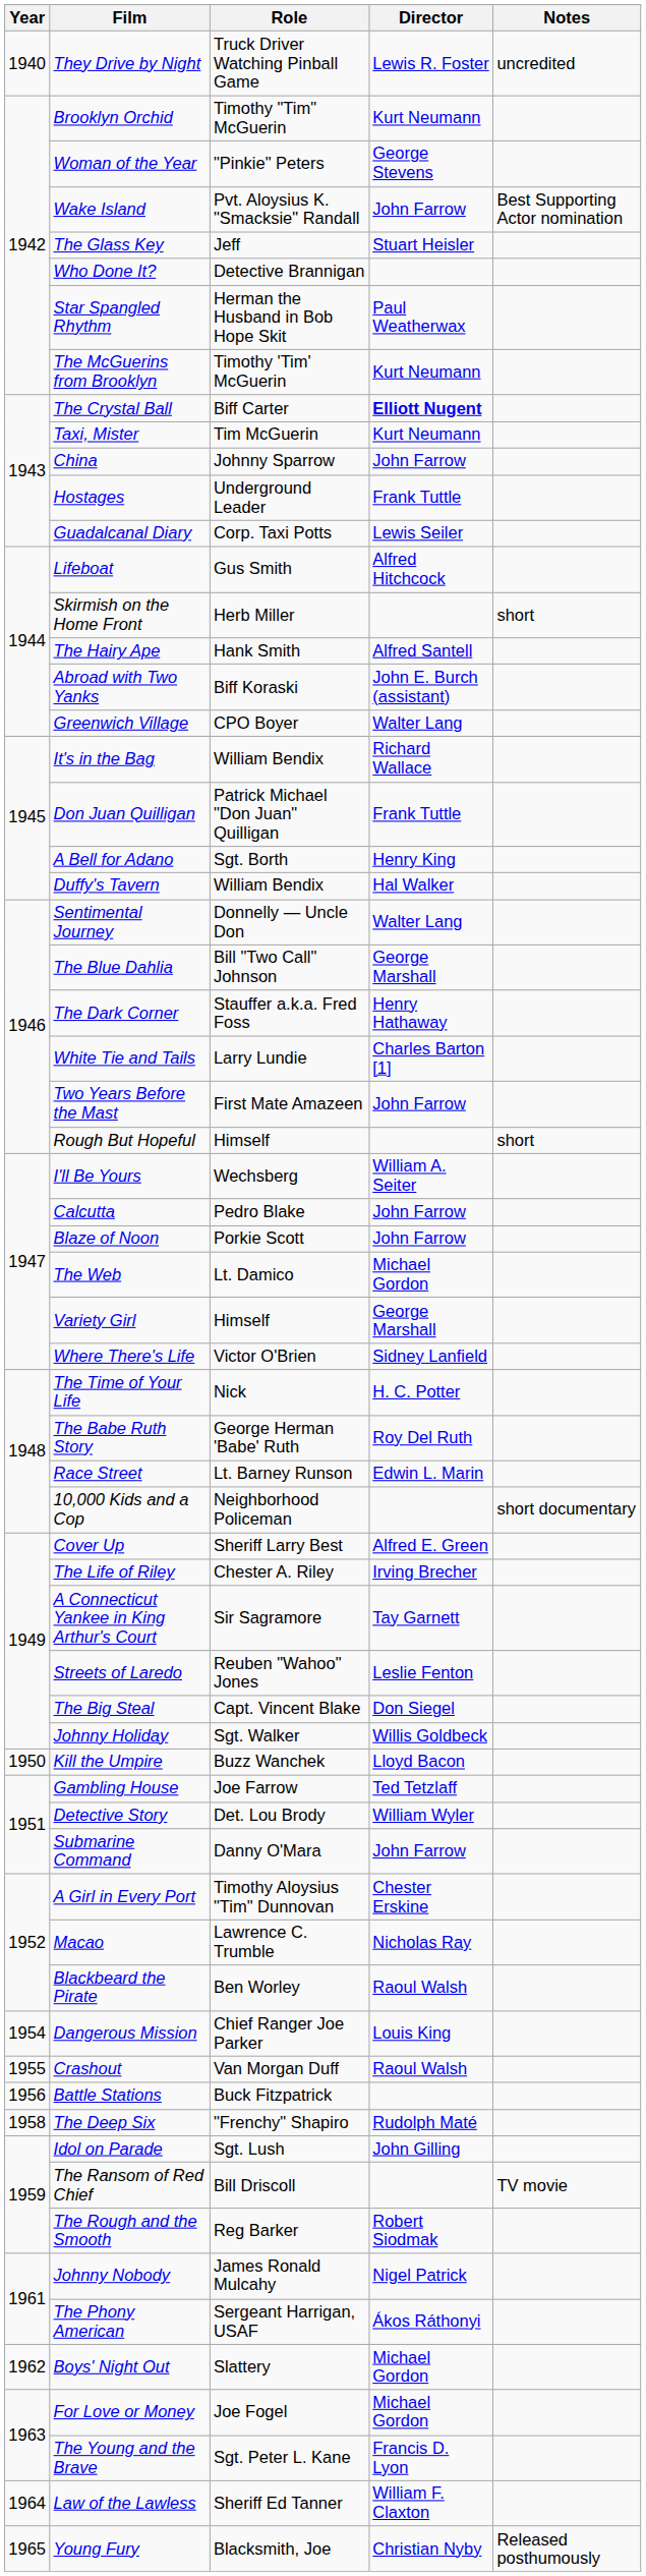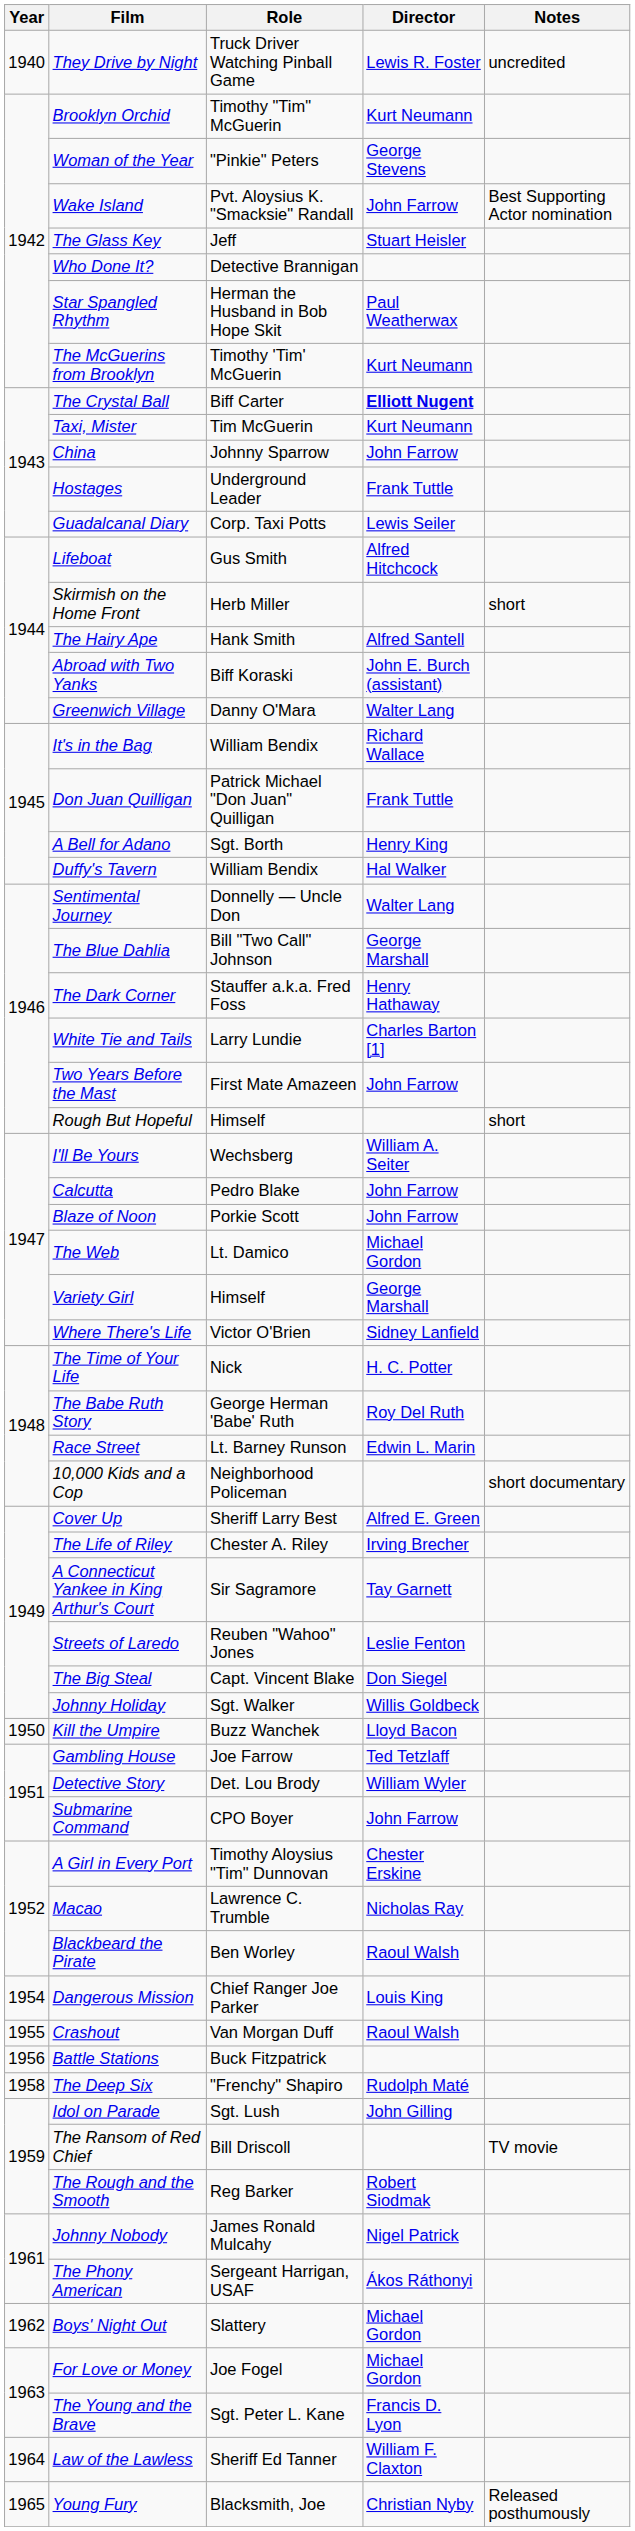 <table class="wikitable sortable">
 <tr>
 <th>Year</th>
 <th>Film</th>
 <th>Role</th>
 <th>Director</th>
 <th class="unsortable">Notes</th>
 </tr>
 <tr>
 <td>1940</td>
 <td><em><a href='#'>They Drive by Night</a></em></td>
 <td>Truck Driver Watching Pinball Game</td>
 <td><a href='#'>Lewis R. Foster</a></td>
 <td>uncredited</td>
 </tr>
 <tr>
 <td rowspan=7>1942</td>
 <td><em><a href='#'>Brooklyn Orchid</a></em></td>
 <td>Timothy "Tim" McGuerin</td>
 <td><a href='#'>Kurt Neumann</a></td>
 <td></td>
 </tr>
 <tr>
 <td><em><a href='#'>Woman of the Year</a></em></td>
 <td>"Pinkie" Peters</td>
 <td><a href='#'>George Stevens</a></td>
 <td></td>
 </tr>
 <tr>
 <td><em><a href='#'>Wake Island</a></em></td>
 <td>Pvt. Aloysius K. "Smacksie" Randall</td>
 <td><a href='#'>John Farrow</a></td>
 <td>Best Supporting Actor nomination</td>
 </tr>
 <tr>
 <td><em><a href='#'>The Glass Key</a></em></td>
 <td>Jeff</td>
 <td><a href='#'>Stuart Heisler</a></td>
 <td></td>
 </tr>
 <tr>
 <td><em><a href='#'>Who Done It?</a></em></td>
 <td>Detective Brannigan</td>
 <td></td>
 <td></td>
 </tr>
 <tr>
 <td><em><a href='#'>Star Spangled Rhythm</a></em></td>
 <td>Herman the Husband in Bob Hope Skit</td>
 <td><a href='#'>Paul Weatherwax</a></td>
 <td></td>
 </tr>
 <tr>
 <td><em><a href='#'>The McGuerins from Brooklyn</a></em></td>
 <td>Timothy 'Tim' McGuerin</td>
 <td><a href='#'>Kurt Neumann</a></td>
 <td></td>
 </tr>
 <tr>
 <td rowspan=5>1943</td>
 <td><em><a href='#'>The Crystal Ball</a></em></td>
 <td>Biff Carter</td>
 <td><strong><a href='#'>Elliott Nugent</a></strong></td>
 <td></td>
 </tr>
 <tr>
 <td><em><a href='#'>Taxi, Mister</a></em></td>
 <td>Tim McGuerin</td>
 <td><a href='#'>Kurt Neumann</a></td>
 <td></td>
 </tr>
 <tr>
 <td><em><a href='#'>China</a></em></td>
 <td>Johnny Sparrow</td>
 <td><a href='#'>John Farrow</a></td>
 <td></td>
 </tr>
 <tr>
 <td><em><a href='#'>Hostages</a></em></td>
 <td>Underground Leader</td>
 <td><a href='#'>Frank Tuttle</a></td>
 <td></td>
 </tr>
 <tr>
 <td><em><a href='#'>Guadalcanal Diary</a></em></td>
 <td>Corp. Taxi Potts</td>
 <td><a href='#'>Lewis Seiler</a></td>
 <td></td>
 </tr>
 <tr>
 <td rowspan=5>1944</td>
 <td><em><a href='#'>Lifeboat</a></em></td>
 <td>Gus Smith</td>
 <td><a href='#'>Alfred Hitchcock</a></td>
 <td></td>
 </tr>
 <tr>
 <td><em>Skirmish on the Home Front</em></td>
 <td>Herb Miller</td>
 <td></td>
 <td>short</td>
 </tr>
 <tr>
 <td><em><a href='#'>The Hairy Ape</a></em></td>
 <td>Hank Smith</td>
 <td><a href='#'>Alfred Santell</a></td>
 <td></td>
 </tr>
 <tr>
 <td><em><a href='#'>Abroad with Two Yanks</a></em></td>
 <td>Biff Koraski</td>
 <td><a href='#'>John E. Burch (assistant)</a></td>
 <td></td>
 </tr>
 <tr>
 <td><em><a href='#'>Greenwich Village</a></em></td>
-<td>CPO Boyer</td>
+<td>Danny O'Mara</td>
 <td><a href='#'>Walter Lang</a></td>
 <td></td>
 </tr>
 <tr>
 <td rowspan=4>1945</td>
 <td><em><a href='#'>It's in the Bag</a></em></td>
 <td>William Bendix</td>
 <td><a href='#'>Richard Wallace</a></td>
 <td></td>
 </tr>
 <tr>
 <td><em><a href='#'>Don Juan Quilligan</a></em></td>
 <td>Patrick Michael "Don Juan" Quilligan</td>
 <td><a href='#'>Frank Tuttle</a></td>
 <td></td>
 </tr>
 <tr>
 <td><em><a href='#'>A Bell for Adano</a></em></td>
 <td>Sgt. Borth</td>
 <td><a href='#'>Henry King</a></td>
 <td></td>
 </tr>
 <tr>
 <td><em><a href='#'>Duffy's Tavern</a></em></td>
 <td>William Bendix</td>
 <td><a href='#'>Hal Walker</a></td>
 <td></td>
 </tr>
 <tr>
 <td rowspan=6>1946</td>
 <td><em><a href='#'>Sentimental Journey</a></em></td>
 <td>Donnelly — Uncle Don</td>
 <td><a href='#'>Walter Lang</a></td>
 <td></td>
 </tr>
 <tr>
 <td><em><a href='#'>The Blue Dahlia</a></em></td>
 <td>Bill "Two Call" Johnson</td>
 <td><a href='#'>George Marshall</a></td>
 <td></td>
 </tr>
 <tr>
 <td><em><a href='#'>The Dark Corner</a></em></td>
 <td>Stauffer a.k.a. Fred Foss</td>
 <td><a href='#'>Henry Hathaway</a></td>
 <td></td>
 </tr>
 <tr>
 <td><em><a href='#'>White Tie and Tails</a></em></td>
 <td>Larry Lundie</td>
 <td><a href='#'>Charles Barton</a> <a href='#'>&#91;1&#93;</a></td>
 <td></td>
 </tr>
 <tr>
 <td><em><a href='#'>Two Years Before the Mast</a></em></td>
 <td>First Mate Amazeen</td>
 <td><a href='#'>John Farrow</a></td>
 <td></td>
 </tr>
 <tr>
 <td><em>Rough But Hopeful</em></td>
 <td>Himself</td>
 <td></td>
 <td>short</td>
 </tr>
 <tr>
 <td rowspan=6>1947</td>
 <td><em><a href='#'>I'll Be Yours</a></em></td>
 <td>Wechsberg</td>
 <td><a href='#'>William A. Seiter</a></td>
 <td></td>
 </tr>
 <tr>
 <td><em><a href='#'>Calcutta</a></em></td>
 <td>Pedro Blake</td>
 <td><a href='#'>John Farrow</a></td>
 <td></td>
 </tr>
 <tr>
 <td><em><a href='#'>Blaze of Noon</a></em></td>
 <td>Porkie Scott</td>
 <td><a href='#'>John Farrow</a></td>
 <td></td>
 </tr>
 <tr>
 <td><em><a href='#'>The Web</a></em></td>
 <td>Lt. Damico</td>
 <td><a href='#'>Michael Gordon</a></td>
 <td></td>
 </tr>
 <tr>
 <td><em><a href='#'>Variety Girl</a></em></td>
 <td>Himself</td>
 <td><a href='#'>George Marshall</a></td>
 <td></td>
 </tr>
 <tr>
 <td><em><a href='#'>Where There's Life</a></em></td>
 <td>Victor O'Brien</td>
 <td><a href='#'>Sidney Lanfield</a></td>
 <td></td>
 </tr>
 <tr>
 <td rowspan=4>1948</td>
 <td><em><a href='#'>The Time of Your Life</a></em></td>
 <td>Nick</td>
 <td><a href='#'>H. C. Potter</a></td>
 <td></td>
 </tr>
 <tr>
 <td><em><a href='#'>The Babe Ruth Story</a></em></td>
 <td>George Herman 'Babe' Ruth</td>
 <td><a href='#'>Roy Del Ruth</a></td>
 <td></td>
 </tr>
 <tr>
 <td><em><a href='#'>Race Street</a></em></td>
 <td>Lt. Barney Runson</td>
 <td><a href='#'>Edwin L. Marin</a></td>
 <td></td>
 </tr>
 <tr>
 <td><em>10,000 Kids and a Cop</em></td>
 <td>Neighborhood Policeman</td>
 <td></td>
 <td>short documentary</td>
 </tr>
 <tr>
 <td rowspan=6>1949</td>
 <td><em><a href='#'>Cover Up</a></em></td>
 <td>Sheriff Larry Best</td>
 <td><a href='#'>Alfred E. Green</a></td>
 <td></td>
 </tr>
 <tr>
 <td><em><a href='#'>The Life of Riley</a></em></td>
 <td>Chester A. Riley</td>
 <td><a href='#'>Irving Brecher</a></td>
 <td></td>
 </tr>
 <tr>
 <td><em><a href='#'>A Connecticut Yankee in King Arthur's Court</a></em></td>
 <td>Sir Sagramore</td>
 <td><a href='#'>Tay Garnett</a></td>
 <td></td>
 </tr>
 <tr>
 <td><em><a href='#'>Streets of Laredo</a></em></td>
 <td>Reuben "Wahoo" Jones</td>
 <td><a href='#'>Leslie Fenton</a></td>
 <td></td>
 </tr>
 <tr>
 <td><em><a href='#'>The Big Steal</a></em></td>
 <td>Capt. Vincent Blake</td>
 <td><a href='#'>Don Siegel</a></td>
 <td></td>
 </tr>
 <tr>
 <td><em><a href='#'>Johnny Holiday</a></em></td>
 <td>Sgt. Walker</td>
 <td><a href='#'>Willis Goldbeck</a></td>
 <td></td>
 </tr>
 <tr>
 <td>1950</td>
 <td><em><a href='#'>Kill the Umpire</a></em></td>
 <td>Buzz Wanchek</td>
 <td><a href='#'>Lloyd Bacon</a></td>
 <td></td>
 </tr>
 <tr>
 <td rowspan=3>1951</td>
 <td><em><a href='#'>Gambling House</a></em></td>
 <td>Joe Farrow</td>
 <td><a href='#'>Ted Tetzlaff</a></td>
 <td></td>
 </tr>
 <tr>
 <td><em><a href='#'>Detective Story</a></em></td>
 <td>Det. Lou Brody</td>
 <td><a href='#'>William Wyler</a></td>
 <td></td>
 </tr>
 <tr>
 <td><em><a href='#'>Submarine Command</a></em></td>
-<td>Danny O'Mara</td>
+<td>CPO Boyer</td>
 <td><a href='#'>John Farrow</a></td>
 <td></td>
 </tr>
 <tr>
 <td rowspan=3>1952</td>
 <td><em><a href='#'>A Girl in Every Port</a></em></td>
 <td>Timothy Aloysius "Tim" Dunnovan</td>
 <td><a href='#'>Chester Erskine</a></td>
 <td></td>
 </tr>
 <tr>
 <td><em><a href='#'>Macao</a></em></td>
 <td>Lawrence C. Trumble</td>
 <td><a href='#'>Nicholas Ray</a></td>
 <td></td>
 </tr>
 <tr>
 <td><em><a href='#'>Blackbeard the Pirate</a></em></td>
 <td>Ben Worley</td>
 <td><a href='#'>Raoul Walsh</a></td>
 <td></td>
 </tr>
 <tr>
 <td>1954</td>
 <td><em><a href='#'>Dangerous Mission</a></em></td>
 <td>Chief Ranger Joe Parker</td>
 <td><a href='#'>Louis King</a></td>
 <td></td>
 </tr>
 <tr>
 <td>1955</td>
 <td><em><a href='#'>Crashout</a></em></td>
 <td>Van Morgan Duff</td>
 <td><a href='#'>Raoul Walsh</a></td>
 <td></td>
 </tr>
 <tr>
 <td>1956</td>
 <td><em><a href='#'>Battle Stations</a></em></td>
 <td>Buck Fitzpatrick</td>
 <td></td>
 <td></td>
 </tr>
 <tr>
 <td>1958</td>
 <td><em><a href='#'>The Deep Six</a></em></td>
 <td>"Frenchy" Shapiro</td>
 <td><a href='#'>Rudolph Maté</a></td>
 <td></td>
 </tr>
 <tr>
 <td rowspan=3>1959</td>
 <td><em><a href='#'>Idol on Parade</a></em></td>
 <td>Sgt. Lush</td>
 <td><a href='#'>John Gilling</a></td>
 <td></td>
 </tr>
 <tr>
 <td><em>The Ransom of Red Chief</em></td>
 <td>Bill Driscoll</td>
 <td></td>
 <td>TV movie</td>
 </tr>
 <tr>
 <td><em><a href='#'>The Rough and the Smooth</a></em></td>
 <td>Reg Barker</td>
 <td><a href='#'>Robert Siodmak</a></td>
 <td></td>
 </tr>
 <tr>
 <td rowspan=2>1961</td>
 <td><em><a href='#'>Johnny Nobody</a></em></td>
 <td>James Ronald Mulcahy</td>
 <td><a href='#'>Nigel Patrick</a></td>
 <td></td>
 </tr>
 <tr>
 <td><em><a href='#'>The Phony American</a></em></td>
 <td>Sergeant Harrigan, USAF</td>
 <td><a href='#'>Ákos Ráthonyi</a></td>
 <td></td>
 </tr>
 <tr>
 <td>1962</td>
 <td><em><a href='#'>Boys' Night Out</a></em></td>
 <td>Slattery</td>
 <td><a href='#'>Michael Gordon</a></td>
 <td></td>
 </tr>
 <tr>
 <td rowspan=2>1963</td>
 <td><em><a href='#'>For Love or Money</a></em></td>
 <td>Joe Fogel</td>
 <td><a href='#'>Michael Gordon</a></td>
 <td></td>
 </tr>
 <tr>
 <td><em><a href='#'>The Young and the Brave</a></em></td>
 <td>Sgt. Peter L. Kane</td>
 <td><a href='#'>Francis D. Lyon</a></td>
 <td></td>
 </tr>
 <tr>
 <td>1964</td>
 <td><em><a href='#'>Law of the Lawless</a></em></td>
 <td>Sheriff Ed Tanner</td>
 <td><a href='#'>William F. Claxton</a></td>
 <td></td>
 </tr>
 <tr>
 <td>1965</td>
 <td><em><a href='#'>Young Fury</a></em></td>
 <td>Blacksmith, Joe</td>
 <td><a href='#'>Christian Nyby</a></td>
 <td>Released posthumously</td>
 </tr>
 <tr>
 </tr>
 </table>
